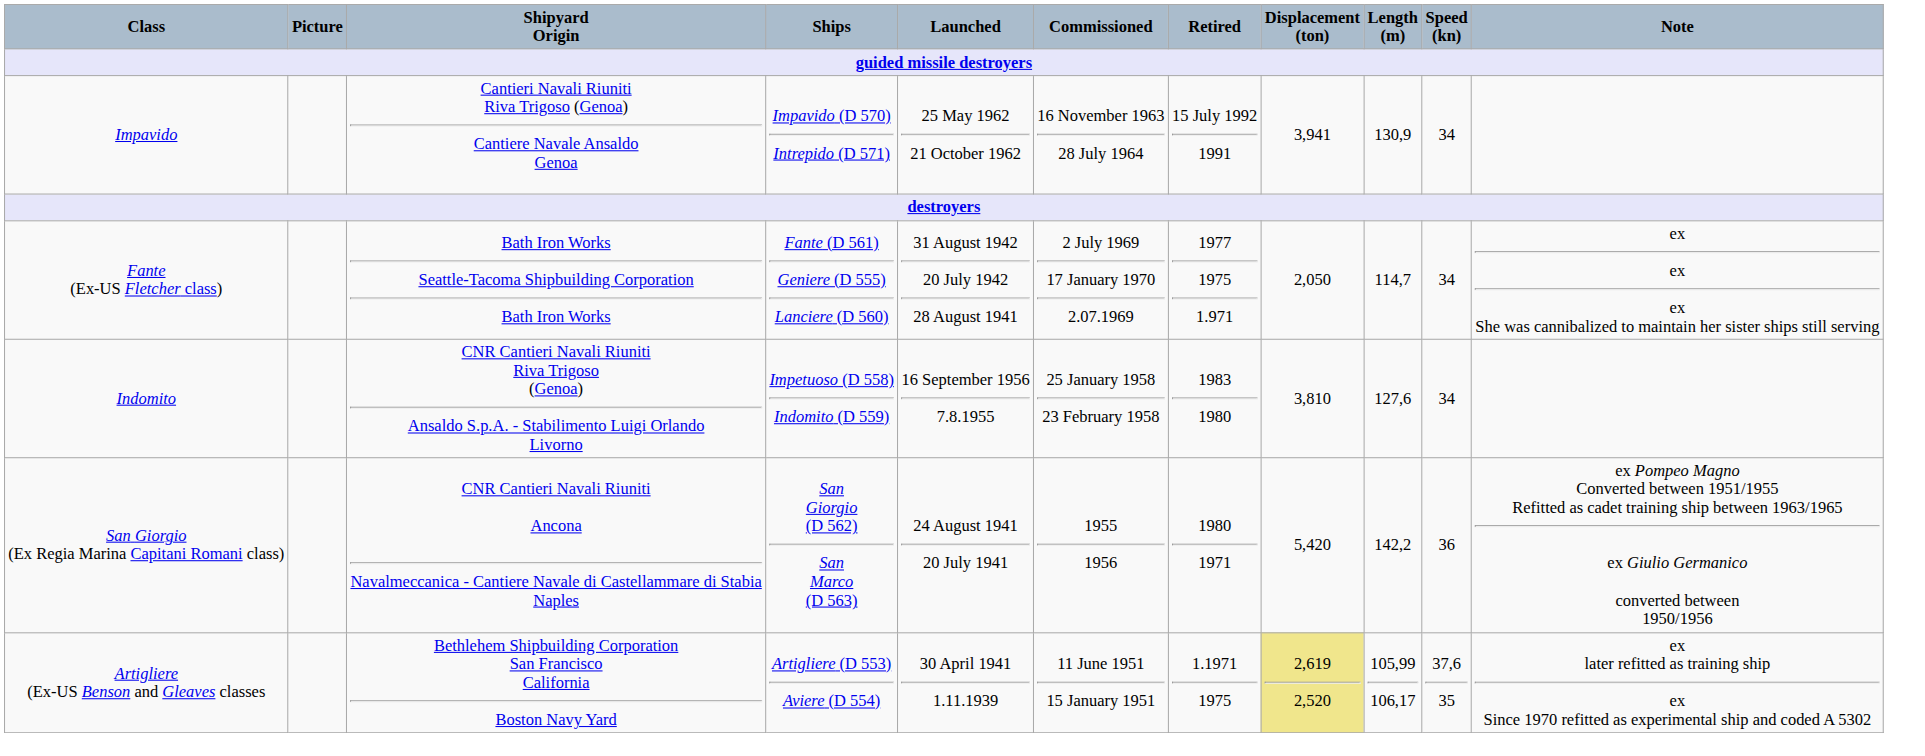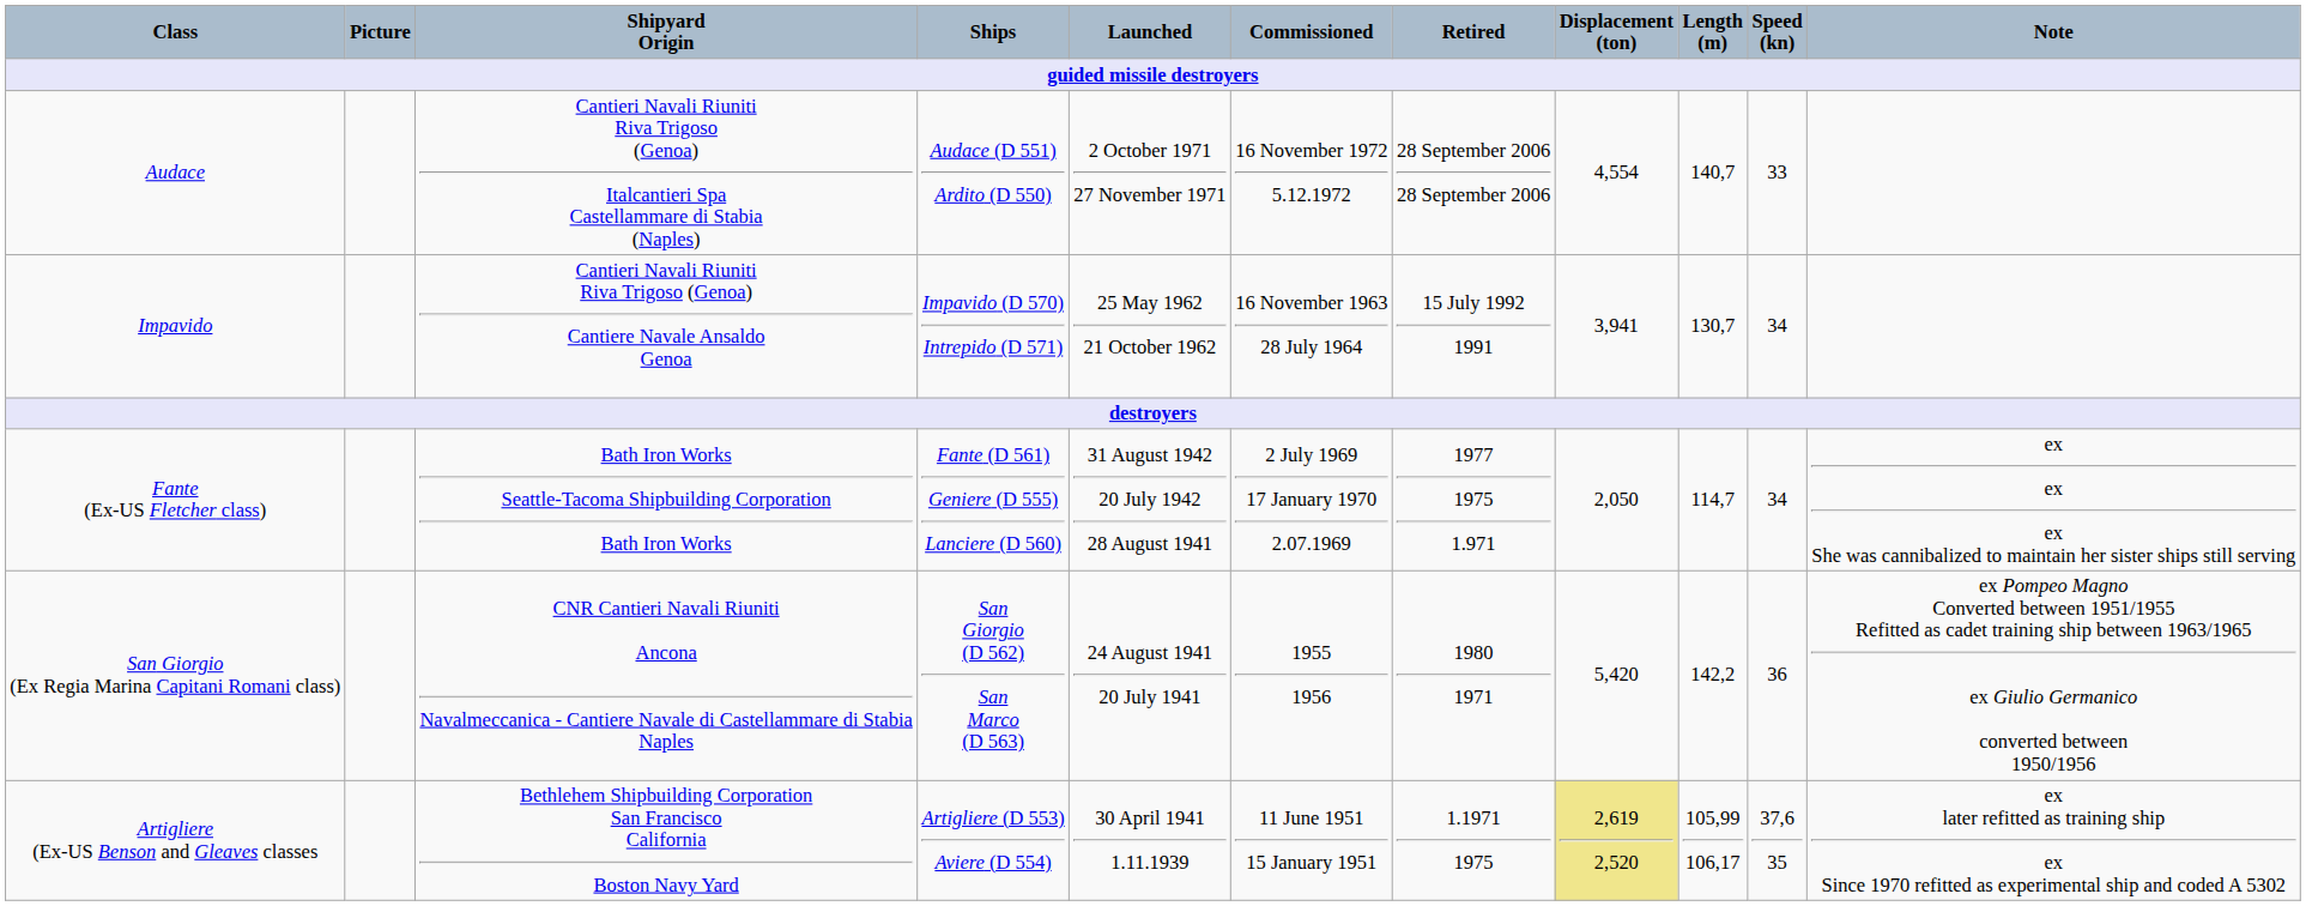 <table class="wikitable" style="text-align:center;">
 <tr>
 <th style="text-align: central; background: #aabccc;">Class</th>
 <th style="text-align: central; background: #aabccc;">Picture</th>
 <th style="text-align: central; background: #aabccc;">Shipyard<br>Origin</th>
 <th style="text-align: central; background: #aabccc;">Ships</th>
 <th style="text-align: central; background: #aabccc;">Launched</th>
 <th style="text-align: central; background: #aabccc;">Commissioned</th>
 <th style="text-align: central; background: #aabccc;">Retired</th>
 <th style="text-align: central; background: #aabccc;">Displacement<br>(ton)</th>
 <th style="text-align: central; background: #aabccc;">Length<br>(m)</th>
 <th style="text-align: central; background: #aabccc;">Speed<br>(kn)</th>
 <th style="text-align: central; background: #aabccc;">Note</th>
 </tr>
 <tr>
 <th style="align: center; background: lavender;" colspan="11"><strong><a href='#'>guided missile destroyers</a></strong></th>
 </tr>
 <tr>
+<td><a href='#'><em>Audace</em></a></td>
+<td></td>
+<td><a href='#'>Cantieri Navali Riuniti</a><br><a href='#'>Riva Trigoso</a><br>(<a href='#'>Genoa</a>)<br><hr><a href='#'>Italcantieri Spa</a><br><a href='#'>Castellammare di Stabia</a><br>(<a href='#'>Naples</a>)<br></td>
+<td><a href='#'><em>Audace</em> (D 551)</a><br><hr><a href='#'><em>Ardito</em> (D 550)</a><br></td>
+<td>2 October 1971<hr>27 November 1971</td>
+<td>16 November 1972<hr>5.12.1972</td>
+<td>28 September 2006<hr>28 September 2006</td>
+<td>4,554</td>
+<td>140,7</td>
+<td>33</td>
+<td></td>
+</tr>
+<tr>
 <td><a href='#'><em>Impavido</em></a></td>
 <td></td>
 <td><a href='#'>Cantieri Navali Riuniti</a><br><a href='#'>Riva Trigoso</a> (<a href='#'>Genoa</a>)<br><hr><a href='#'>Cantiere Navale Ansaldo</a><br><a href='#'>Genoa</a><br><br></td>
 <td><a href='#'><em>Impavido</em> (D 570)</a><br><hr><a href='#'><em>Intrepido</em> (D 571)</a><br></td>
 <td>25 May 1962<hr>21 October 1962</td>
 <td>16 November 1963<hr>28 July 1964</td>
 <td>15 July 1992<hr>1991</td>
 <td>3,941</td>
-<td>130,9</td>
+<td>130,7</td>
 <td>34</td>
 <td></td>
 </tr>
 <tr>
 <th style="align: center; background: lavender;" colspan="11"><strong><a href='#'>destroyers</a></strong></th>
 </tr>
 <tr>
 <td><a href='#'><em>Fante</em></a><br>(Ex-US <a href='#'><em>Fletcher</em> class</a>)</td>
 <td></td>
 <td><a href='#'>Bath Iron Works</a><br><hr><a href='#'>Seattle-Tacoma Shipbuilding Corporation</a><br><hr><a href='#'>Bath Iron Works</a><br></td>
 <td><a href='#'><em>Fante</em> (D 561)</a><br><hr><a href='#'><em>Geniere</em> (D 555)</a><br><hr><a href='#'><em>Lanciere</em> (D 560)</a><br></td>
 <td>31 August 1942<hr>20 July 1942<hr>28 August 1941</td>
 <td>2 July 1969<hr>17 January 1970<hr>2.07.1969</td>
 <td>1977<hr>1975<hr>1.971</td>
 <td>2,050</td>
 <td>114,7</td>
 <td>34</td>
 <td>ex <hr>ex <hr>ex <br>She was cannibalized to maintain her sister ships still serving</td>
-</tr>
-<tr>
-<td><a href='#'><em>Indomito</em></a></td>
-<td></td>
-<td><a href='#'>CNR Cantieri Navali Riuniti</a><br><a href='#'>Riva Trigoso</a><br>(<a href='#'>Genoa</a>)<br><hr><a href='#'>Ansaldo S.p.A. - Stabilimento Luigi Orlando</a><br><a href='#'>Livorno</a><br></td>
-<td><a href='#'><em>Impetuoso</em> (D 558)</a><br><hr><a href='#'><em>Indomito</em> (D 559)</a><br></td>
-<td>16 September 1956<hr>7.8.1955</td>
-<td>25 January 1958<hr>23 February 1958</td>
-<td>1983<hr>1980</td>
-<td>3,810</td>
-<td>127,6</td>
-<td>34</td>
-<td></td>
 </tr>
 <tr>
 <td><a href='#'><em>San</em> <em>Giorgio</em></a><br>(Ex Regia Marina <a href='#'>Capitani Romani</a> class)<br></td>
 <td></td>
 <td><a href='#'>CNR Cantieri Navali Riuniti</a><br><br><a href='#'>Ancona</a><br><br><hr> <a href='#'>Navalmeccanica - Cantiere Navale di Castellammare di Stabia</a><br><a href='#'>Naples</a><br></td>
 <td><a href='#'><em>San</em><br><em>Giorgio</em><br>(D 562)</a><br><hr><a href='#'><em>San</em><br><em>Marco</em><br>(D 563)</a><br></td>
 <td>24 August 1941<hr>20 July 1941</td>
 <td>1955<hr>1956</td>
 <td>1980<hr>1971</td>
 <td>5,420</td>
 <td>142,2</td>
 <td>36</td>
 <td>ex <em>Pompeo Magno</em><br>Converted between 1951/1955<br>Refitted as cadet training ship between 1963/1965 <hr><br>ex <em>Giulio Germanico</em><br><br>converted between<br>1950/1956</td>
 </tr>
 <tr>
 <td><a href='#'><em>Artigliere</em></a><br>(Ex-US <a href='#'><em>Benson</em></a> and <a href='#'><em>Gleaves</em></a> classes</td>
 <td></td>
 <td><a href='#'>Bethlehem Shipbuilding Corporation</a><br><a href='#'>San Francisco</a><br><a href='#'>California</a><br><hr><a href='#'>Boston Navy Yard</a><br></td>
 <td><a href='#'><em>Artigliere</em> (D 553)</a><br><hr><a href='#'><em>Aviere</em> (D 554)</a><br></td>
 <td>30 April 1941<hr>1.11.1939</td>
 <td>11 June 1951<hr>15 January 1951</td>
 <td>1.1971<hr>1975</td>
 <td style="background: khaki;">2,619<hr>2,520</td>
 <td>105,99<hr>106,17</td>
 <td>37,6<hr>35</td>
 <td>ex <br>later refitted as training ship<hr>ex <br>Since 1970 refitted as experimental ship and coded A 5302</td>
 </tr>
 </table>
